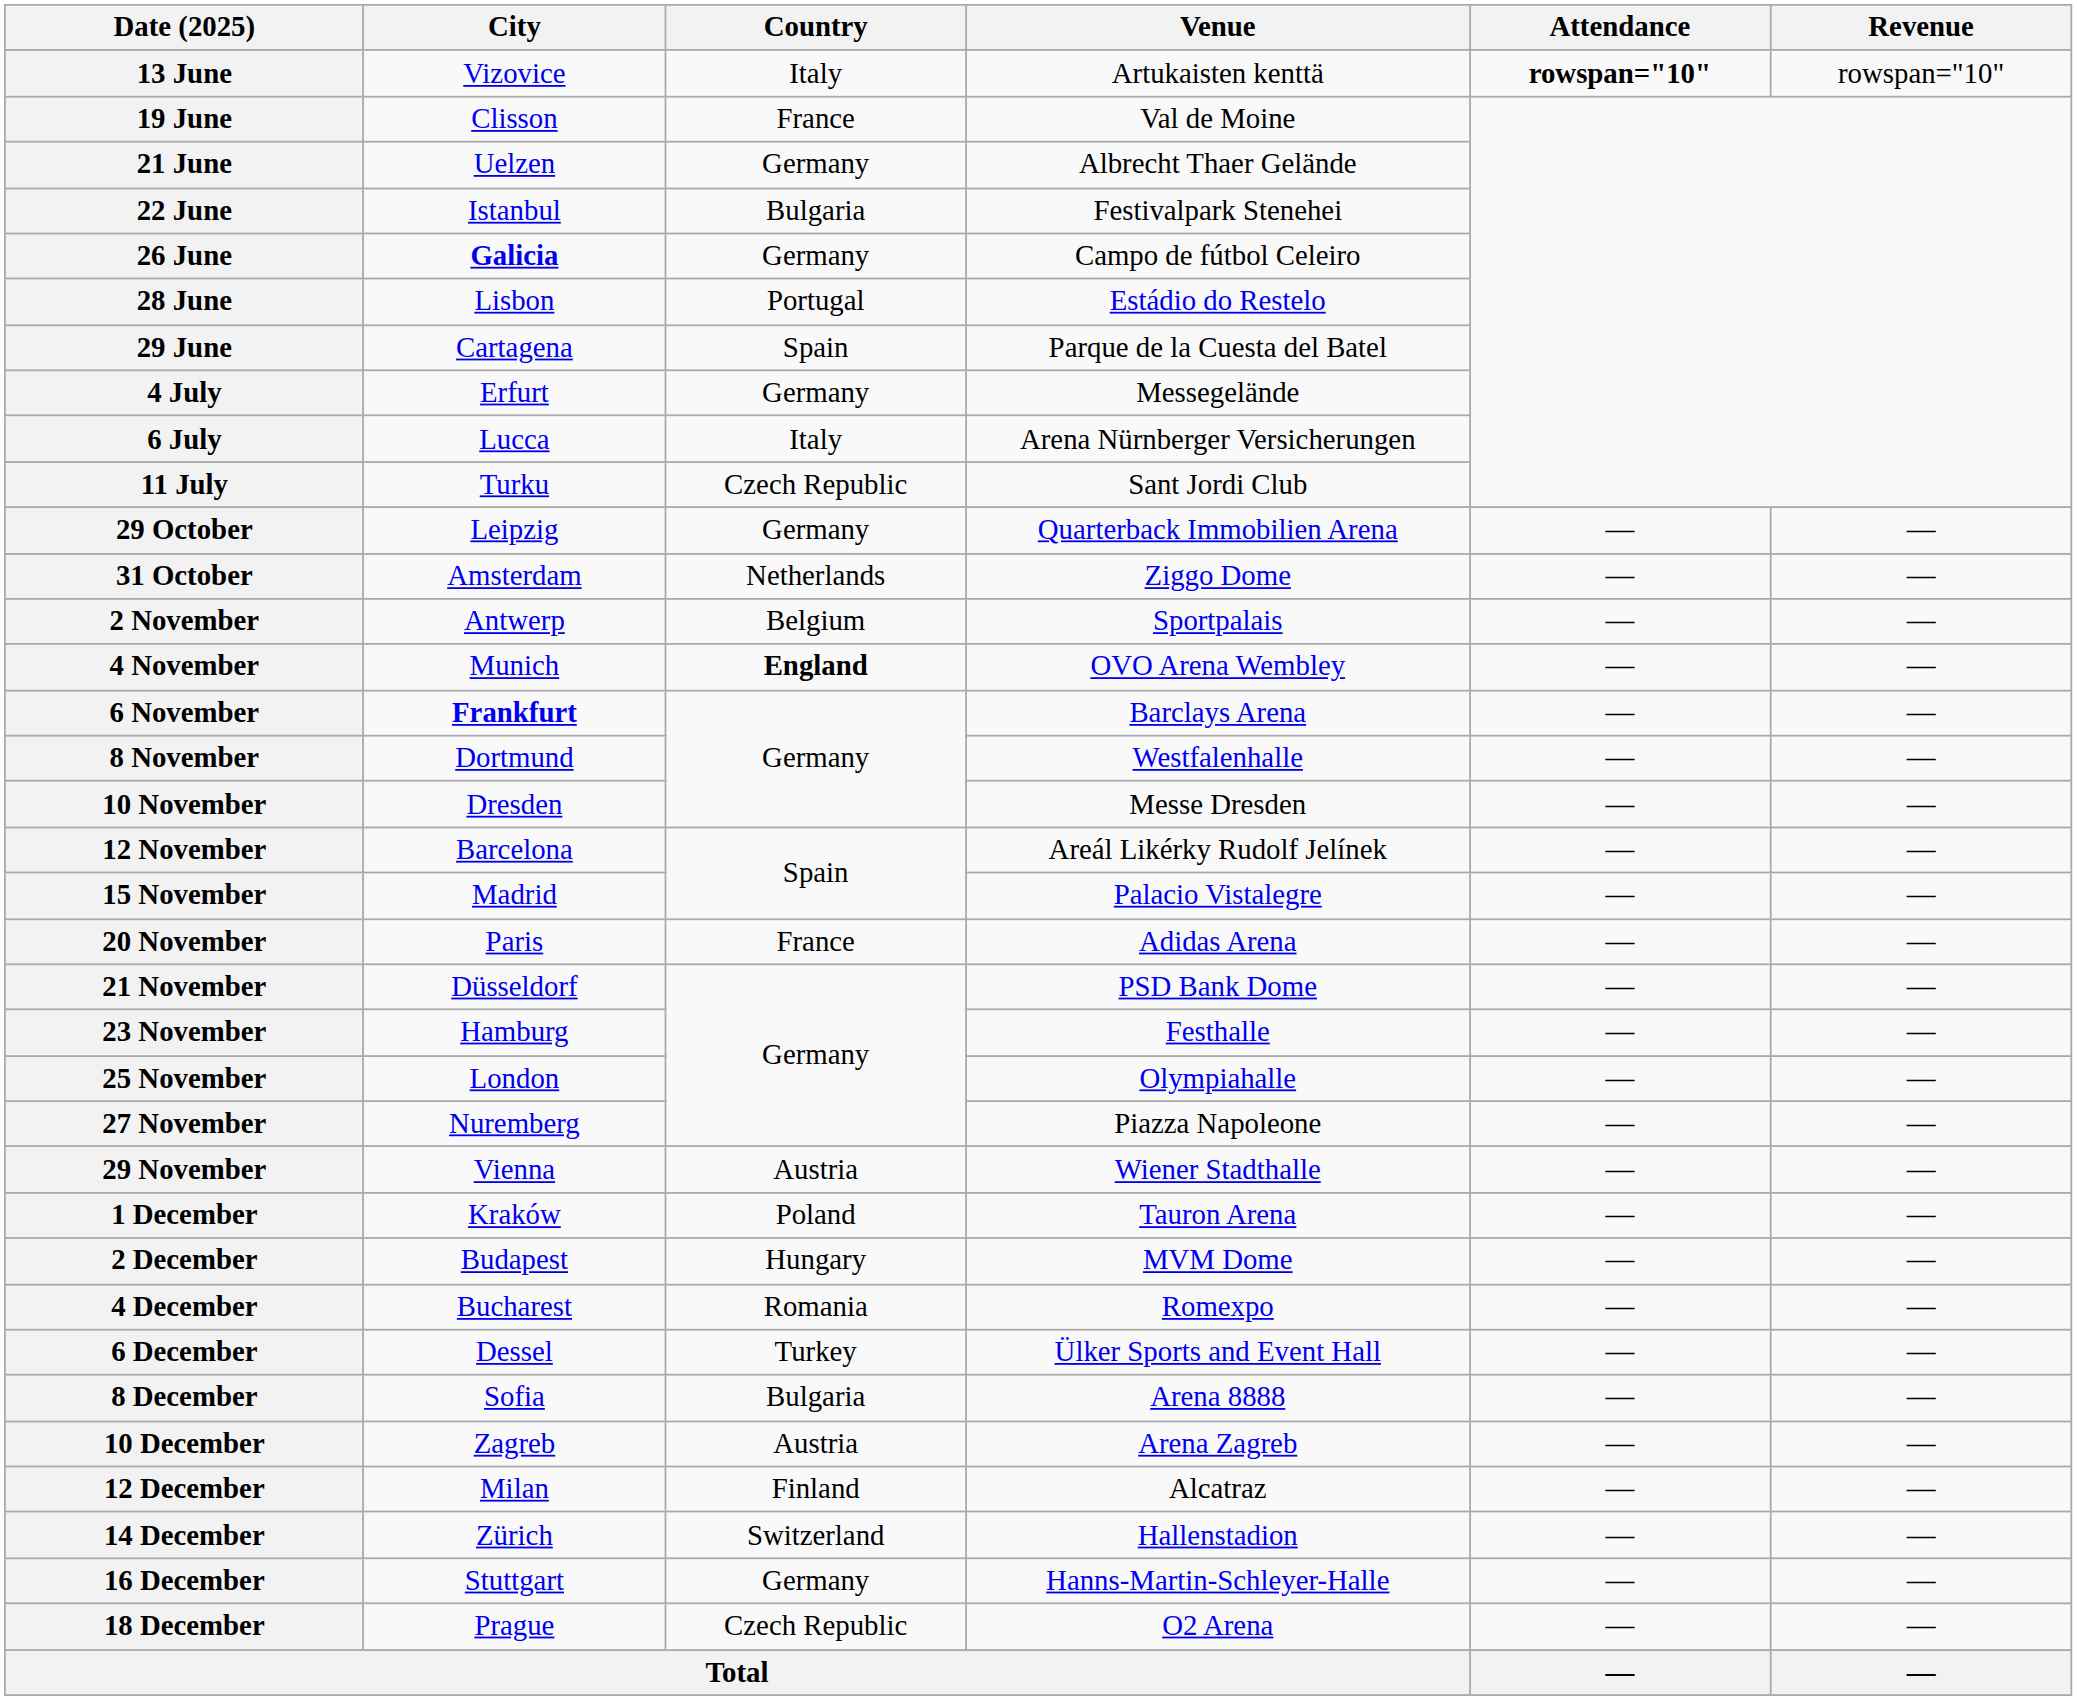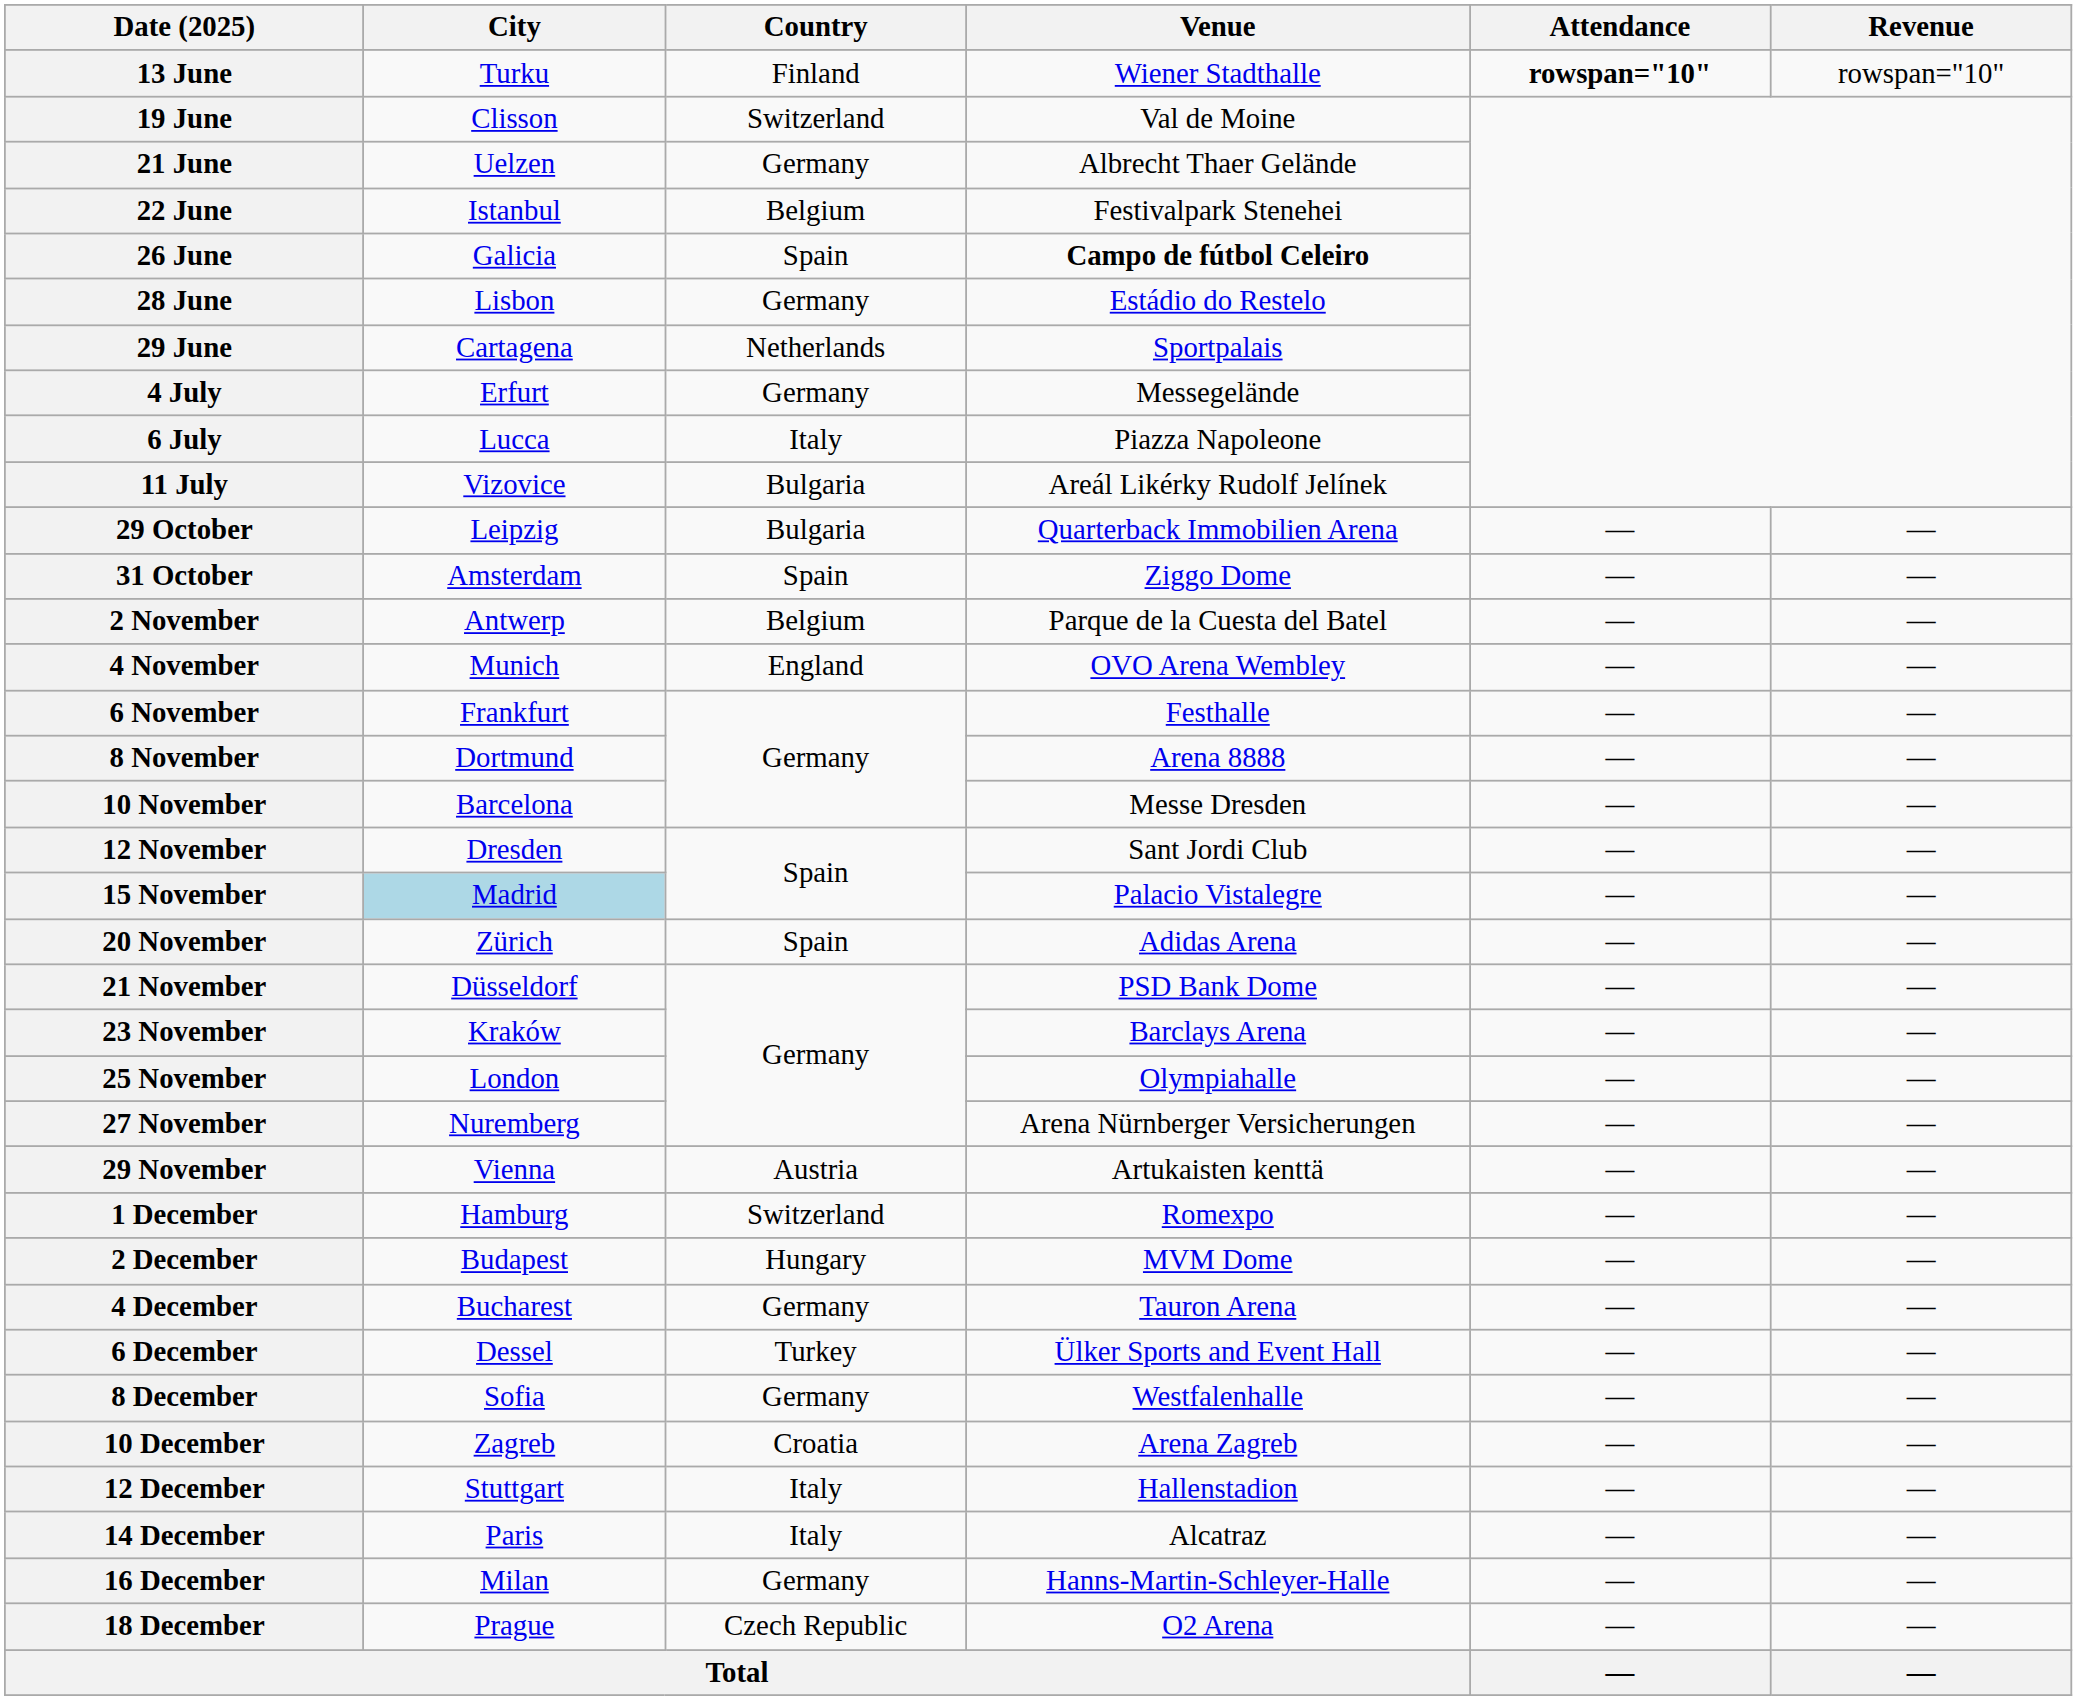 <table class="wikitable plainrowheaders" style="text-align:center;">
 <tr>
 <th scope="col" style="width:12em;">Date (2025)</th>
 <th scope="col" style="width:10em;">City</th>
 <th scope="col" style="width:10em;">Country</th>
 <th scope="col" style="width:17em;">Venue</th>
 <th scope="col" style="width:10em;">Attendance</th>
 <th scope="col" style="width:10em;">Revenue</th>
 </tr>
 <tr>
 <th scope="row" style="text-align:center;">13 June</th>
-<td><a href='#'>Vizovice</a></td>
-<td>Italy</td>
-<td>Artukaisten kenttä</td>
+<td><a href='#'>Turku</a></td>
+<td>Finland</td>
+<td><a href='#'>Wiener Stadthalle</a></td>
 <td><strong>rowspan="10" </strong></td>
 <td>rowspan="10" </td>
 </tr>
 <tr>
 <th scope="row" style="text-align:center;">19 June</th>
 <td><a href='#'>Clisson</a></td>
-<td>France</td>
+<td>Switzerland</td>
 <td>Val de Moine</td>
 </tr>
 <tr>
 <th scope="row" style="text-align:center;">21 June</th>
 <td><a href='#'>Uelzen</a></td>
 <td>Germany</td>
 <td>Albrecht Thaer Gelände</td>
 </tr>
 <tr>
 <th scope="row" style="text-align:center;">22 June</th>
 <td><a href='#'>Istanbul</a></td>
-<td>Bulgaria</td>
+<td>Belgium</td>
 <td>Festivalpark Stenehei</td>
 </tr>
 <tr>
 <th scope="row" style="text-align:center;">26 June</th>
-<td><strong><a href='#'>Galicia</a></strong></td>
-<td>Germany</td>
-<td>Campo de fútbol Celeiro</td>
+<td><a href='#'>Galicia</a></td>
+<td>Spain</td>
+<td><strong>Campo de fútbol Celeiro</strong></td>
 </tr>
 <tr>
 <th scope="row" style="text-align:center;">28 June</th>
 <td><a href='#'>Lisbon</a></td>
-<td>Portugal</td>
+<td>Germany</td>
 <td><a href='#'>Estádio do Restelo</a></td>
 </tr>
 <tr>
 <th scope="row" style="text-align:center;">29 June</th>
 <td><a href='#'>Cartagena</a></td>
-<td>Spain</td>
-<td>Parque de la Cuesta del Batel</td>
+<td>Netherlands</td>
+<td><a href='#'>Sportpalais</a></td>
 </tr>
 <tr>
 <th scope="row" style="text-align:center;">4 July</th>
 <td><a href='#'>Erfurt</a></td>
 <td>Germany</td>
 <td>Messegelände</td>
 </tr>
 <tr>
 <th scope="row" style="text-align:center;">6 July</th>
 <td><a href='#'>Lucca</a></td>
 <td>Italy</td>
-<td>Arena Nürnberger Versicherungen</td>
+<td>Piazza Napoleone</td>
 </tr>
 <tr>
 <th scope="row" style="text-align:center;">11 July</th>
-<td><a href='#'>Turku</a></td>
-<td>Czech Republic</td>
-<td>Sant Jordi Club</td>
+<td><a href='#'>Vizovice</a></td>
+<td>Bulgaria</td>
+<td>Areál Likérky Rudolf Jelínek</td>
 </tr>
 <tr>
 <th scope="row" style="text-align:center;">29 October</th>
 <td><a href='#'>Leipzig</a></td>
-<td>Germany</td>
+<td>Bulgaria</td>
 <td><a href='#'>Quarterback Immobilien Arena</a></td>
 <td>—</td>
 <td>—</td>
 </tr>
 <tr>
 <th scope="row" style="text-align:center;">31 October</th>
 <td><a href='#'>Amsterdam</a></td>
-<td>Netherlands</td>
+<td>Spain</td>
 <td><a href='#'>Ziggo Dome</a></td>
 <td>—</td>
 <td>—</td>
 </tr>
 <tr>
 <th scope="row" style="text-align:center;">2 November</th>
 <td><a href='#'>Antwerp</a></td>
 <td>Belgium</td>
-<td><a href='#'>Sportpalais</a></td>
+<td>Parque de la Cuesta del Batel</td>
 <td>—</td>
 <td>—</td>
 </tr>
 <tr>
 <th scope="row" style="text-align:center;">4 November</th>
 <td><a href='#'>Munich</a></td>
-<td><strong>England</strong></td>
+<td>England</td>
 <td><a href='#'>OVO Arena Wembley</a></td>
 <td>—</td>
 <td>—</td>
 </tr>
 <tr>
 <th scope="row" style="text-align:center;">6 November</th>
-<td><strong><a href='#'>Frankfurt</a></strong></td>
+<td><a href='#'>Frankfurt</a></td>
 <td rowspan="3">Germany</td>
-<td><a href='#'>Barclays Arena</a></td>
+<td><a href='#'>Festhalle</a></td>
 <td>—</td>
 <td>—</td>
 </tr>
 <tr>
 <th scope="row" style="text-align:center;">8 November</th>
 <td><a href='#'>Dortmund</a></td>
-<td><a href='#'>Westfalenhalle</a></td>
+<td><a href='#'>Arena 8888</a></td>
 <td>—</td>
 <td>—</td>
 </tr>
 <tr>
 <th scope="row" style="text-align:center;">10 November</th>
-<td><a href='#'>Dresden</a></td>
+<td><a href='#'>Barcelona</a></td>
 <td>Messe Dresden</td>
 <td>—</td>
 <td>—</td>
 </tr>
 <tr>
 <th scope="row" style="text-align:center;">12 November</th>
-<td><a href='#'>Barcelona</a></td>
+<td><a href='#'>Dresden</a></td>
 <td rowspan="2">Spain</td>
-<td>Areál Likérky Rudolf Jelínek</td>
+<td>Sant Jordi Club</td>
 <td>—</td>
 <td>—</td>
 </tr>
 <tr>
 <th scope="row" style="text-align:center;">15 November</th>
-<td><a href='#'>Madrid</a></td>
+<td style="background: lightblue;"><a href='#'>Madrid</a></td>
 <td><a href='#'>Palacio Vistalegre</a></td>
 <td>—</td>
 <td>—</td>
 </tr>
 <tr>
 <th scope="row" style="text-align:center;">20 November</th>
-<td><a href='#'>Paris</a></td>
-<td>France</td>
+<td><a href='#'>Zürich</a></td>
+<td>Spain</td>
 <td><a href='#'>Adidas Arena</a></td>
 <td>—</td>
 <td>—</td>
 </tr>
 <tr>
 <th scope="row" style="text-align:center;">21 November</th>
 <td><a href='#'>Düsseldorf</a></td>
 <td rowspan="4">Germany</td>
 <td><a href='#'>PSD Bank Dome</a></td>
 <td>—</td>
 <td>—</td>
 </tr>
 <tr>
 <th scope="row" style="text-align:center;">23 November</th>
-<td><a href='#'>Hamburg</a></td>
-<td><a href='#'>Festhalle</a></td>
+<td><a href='#'>Kraków</a></td>
+<td><a href='#'>Barclays Arena</a></td>
 <td>—</td>
 <td>—</td>
 </tr>
 <tr>
 <th scope="row" style="text-align:center;">25 November</th>
 <td><a href='#'>London</a></td>
 <td><a href='#'>Olympiahalle</a></td>
 <td>—</td>
 <td>—</td>
 </tr>
 <tr>
 <th scope="row" style="text-align:center;">27 November</th>
 <td><a href='#'>Nuremberg</a></td>
-<td>Piazza Napoleone</td>
+<td>Arena Nürnberger Versicherungen</td>
 <td>—</td>
 <td>—</td>
 </tr>
 <tr>
 <th scope="row" style="text-align:center;">29 November</th>
 <td><a href='#'>Vienna</a></td>
 <td>Austria</td>
-<td><a href='#'>Wiener Stadthalle</a></td>
+<td>Artukaisten kenttä</td>
 <td>—</td>
 <td>—</td>
 </tr>
 <tr>
 <th scope="row" style="text-align:center;">1 December</th>
-<td><a href='#'>Kraków</a></td>
-<td>Poland</td>
-<td><a href='#'>Tauron Arena</a></td>
+<td><a href='#'>Hamburg</a></td>
+<td>Switzerland</td>
+<td><a href='#'>Romexpo</a></td>
 <td>—</td>
 <td>—</td>
 </tr>
 <tr>
 <th scope="row" style="text-align:center;">2 December</th>
 <td><a href='#'>Budapest</a></td>
 <td>Hungary</td>
 <td><a href='#'>MVM Dome</a></td>
 <td>—</td>
 <td>—</td>
 </tr>
 <tr>
 <th scope="row" style="text-align:center;">4 December</th>
 <td><a href='#'>Bucharest</a></td>
-<td>Romania</td>
-<td><a href='#'>Romexpo</a></td>
+<td>Germany</td>
+<td><a href='#'>Tauron Arena</a></td>
 <td>—</td>
 <td>—</td>
 </tr>
 <tr>
 <th scope="row" style="text-align:center;">6 December</th>
 <td><a href='#'>Dessel</a></td>
 <td>Turkey</td>
 <td><a href='#'>Ülker Sports and Event Hall</a></td>
 <td>—</td>
 <td>—</td>
 </tr>
 <tr>
 <th scope="row" style="text-align:center;">8 December</th>
 <td><a href='#'>Sofia</a></td>
-<td>Bulgaria</td>
-<td><a href='#'>Arena 8888</a></td>
+<td>Germany</td>
+<td><a href='#'>Westfalenhalle</a></td>
 <td>—</td>
 <td>—</td>
 </tr>
 <tr>
 <th scope="row" style="text-align:center;">10 December</th>
 <td><a href='#'>Zagreb</a></td>
-<td>Austria</td>
+<td>Croatia</td>
 <td><a href='#'>Arena Zagreb</a></td>
 <td>—</td>
 <td>—</td>
 </tr>
 <tr>
 <th scope="row" style="text-align:center;">12 December</th>
-<td><a href='#'>Milan</a></td>
-<td>Finland</td>
+<td><a href='#'>Stuttgart</a></td>
+<td>Italy</td>
+<td><a href='#'>Hallenstadion</a></td>
+<td>—</td>
+<td>—</td>
+</tr>
+<tr>
+<th scope="row" style="text-align:center;">14 December</th>
+<td><a href='#'>Paris</a></td>
+<td>Italy</td>
 <td>Alcatraz</td>
 <td>—</td>
 <td>—</td>
 </tr>
 <tr>
-<th scope="row" style="text-align:center;">14 December</th>
-<td><a href='#'>Zürich</a></td>
-<td>Switzerland</td>
-<td><a href='#'>Hallenstadion</a></td>
-<td>—</td>
-<td>—</td>
-</tr>
-<tr>
 <th scope="row" style="text-align:center;">16 December</th>
-<td><a href='#'>Stuttgart</a></td>
+<td><a href='#'>Milan</a></td>
 <td>Germany</td>
 <td><a href='#'>Hanns-Martin-Schleyer-Halle</a></td>
 <td>—</td>
 <td>—</td>
 </tr>
 <tr>
 <th scope="row" style="text-align:center;">18 December</th>
 <td><a href='#'>Prague</a></td>
 <td>Czech Republic</td>
 <td><a href='#'>O2 Arena</a></td>
 <td>—</td>
 <td>—</td>
 </tr>
 <tr>
 <th colspan="4">Total</th>
 <th>—</th>
 <th>—</th>
 </tr>
 </table>
